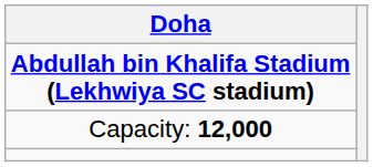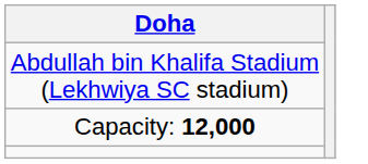 <table class="wikitable" style="text-align:center">
 <tr>
 <th><a href='#'>Doha</a></th>
 <th rowspan="4"></th>
 </tr>
 <tr>
-<td><strong><a href='#'>Abdullah bin Khalifa Stadium</a><br>(<a href='#'>Lekhwiya SC</a> stadium)</strong></td>
+<td><a href='#'>Abdullah bin Khalifa Stadium</a><br>(<a href='#'>Lekhwiya SC</a> stadium)</td>
 </tr>
 <tr>
 <td>Capacity: <strong>12,000</strong></td>
 </tr>
 <tr>
 <td></td>
 </tr>
 </table>
